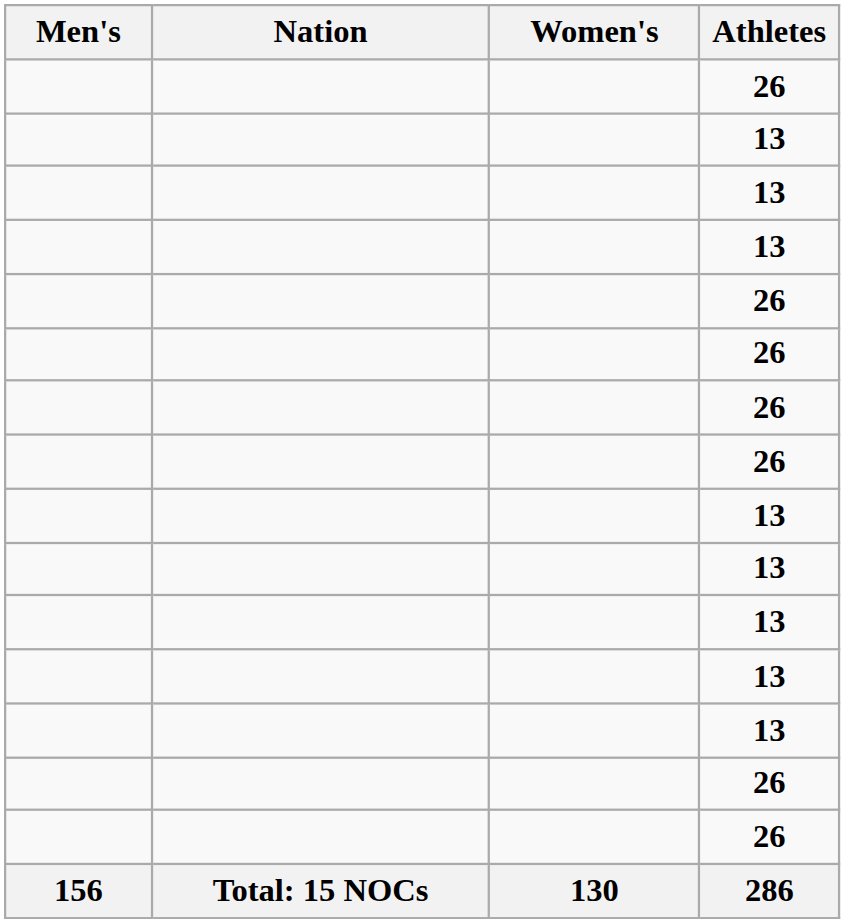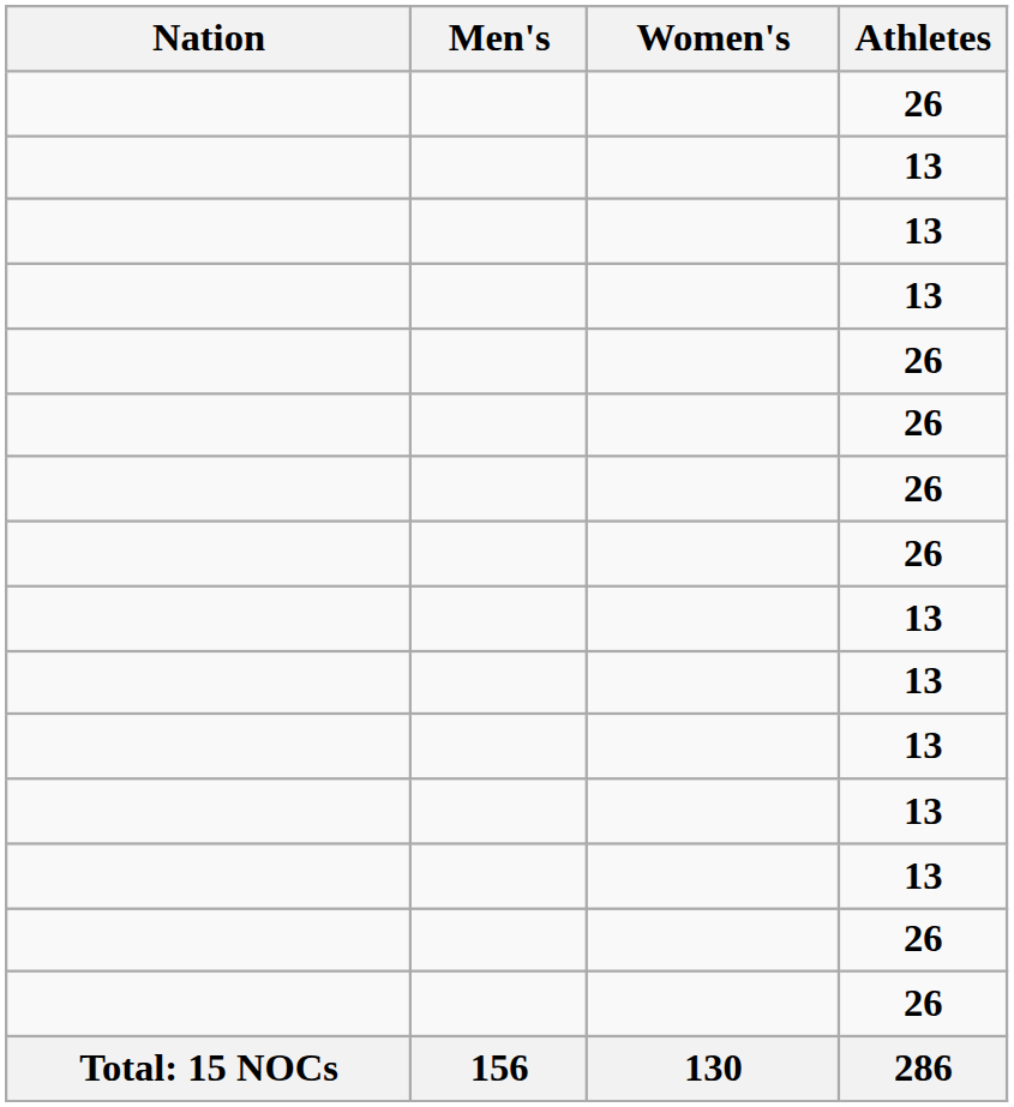 <table class="wikitable sortable" width=370 style="text-align:center; font-size:90%">
 <tr>
+<th>Nation</th>
 <th>Men's</th>
-<th>Nation</th>
 <th>Women's</th>
 <th width=55>Athletes</th>
 </tr>
 <tr>
+<td style="text-align:left;"></td>
 <td></td>
-<td style="text-align:left;"></td>
 <td></td>
 <td><strong>26</strong></td>
 </tr>
 <tr>
+<td style="text-align:left;"></td>
 <td></td>
-<td style="text-align:left;"></td>
 <td></td>
 <td><strong>13</strong></td>
 </tr>
 <tr>
+<td style="text-align:left;"></td>
 <td></td>
-<td style="text-align:left;"></td>
 <td></td>
 <td><strong>13</strong></td>
 </tr>
 <tr>
+<td style="text-align:left;"></td>
 <td></td>
-<td style="text-align:left;"></td>
 <td></td>
 <td><strong>13</strong></td>
 </tr>
 <tr>
+<td style="text-align:left;"></td>
 <td></td>
-<td style="text-align:left;"></td>
 <td></td>
 <td><strong>26</strong></td>
 </tr>
 <tr>
+<td style="text-align:left;"></td>
 <td></td>
-<td style="text-align:left;"></td>
 <td></td>
 <td><strong>26</strong></td>
 </tr>
 <tr>
+<td style="text-align:left;"></td>
 <td></td>
-<td style="text-align:left;"></td>
 <td></td>
 <td><strong>26</strong></td>
 </tr>
 <tr>
+<td style="text-align:left;"></td>
 <td></td>
-<td style="text-align:left;"></td>
 <td></td>
 <td><strong>26</strong></td>
 </tr>
 <tr>
+<td style="text-align:left;"></td>
 <td></td>
-<td style="text-align:left;"></td>
 <td></td>
 <td><strong>13</strong></td>
 </tr>
 <tr>
+<td style="text-align:left;"></td>
 <td></td>
-<td style="text-align:left;"></td>
 <td></td>
 <td><strong>13</strong></td>
 </tr>
 <tr>
+<td style="text-align:left;"></td>
 <td></td>
-<td style="text-align:left;"></td>
 <td></td>
 <td><strong>13</strong></td>
 </tr>
 <tr>
+<td style="text-align:left;"></td>
 <td></td>
-<td style="text-align:left;"></td>
 <td></td>
 <td><strong>13</strong></td>
 </tr>
 <tr>
+<td style="text-align:left;"></td>
 <td></td>
-<td style="text-align:left;"></td>
 <td></td>
 <td><strong>13</strong></td>
 </tr>
 <tr>
+<td style="text-align:left;"></td>
 <td></td>
-<td style="text-align:left;"></td>
 <td></td>
 <td><strong>26</strong></td>
 </tr>
 <tr>
+<td style="text-align:left;"></td>
 <td></td>
-<td style="text-align:left;"></td>
 <td></td>
 <td><strong>26</strong></td>
 </tr>
 <tr>
+<th>Total: 15 NOCs</th>
 <th>156</th>
-<th>Total: 15 NOCs</th>
 <th>130</th>
 <th>286</th>
 </tr>
 </table>
